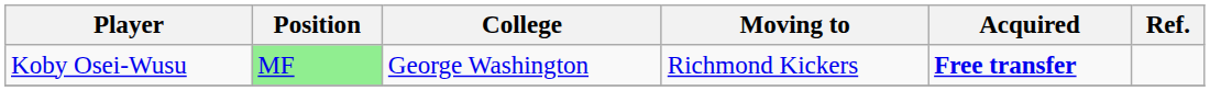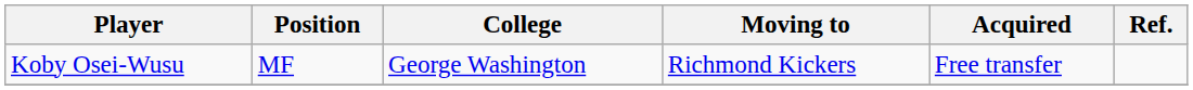 <table class="wikitable sortable" style="width:60%">
 <tr>
 <th>Player</th>
 <th>Position</th>
 <th>College</th>
 <th>Moving to</th>
 <th>Acquired</th>
 <th>Ref.</th>
 </tr>
 <tr>
 <td> <a href='#'>Koby Osei-Wusu</a></td>
-<td style="background: lightgreen;"><a href='#'>MF</a></td>
+<td><a href='#'>MF</a></td>
 <td><a href='#'>George Washington</a></td>
 <td> <a href='#'>Richmond Kickers</a></td>
-<td><strong><a href='#'>Free transfer</a></strong></td>
+<td><a href='#'>Free transfer</a></td>
 <td></td>
 </tr>
 <tr>
 </tr>
 </table>
